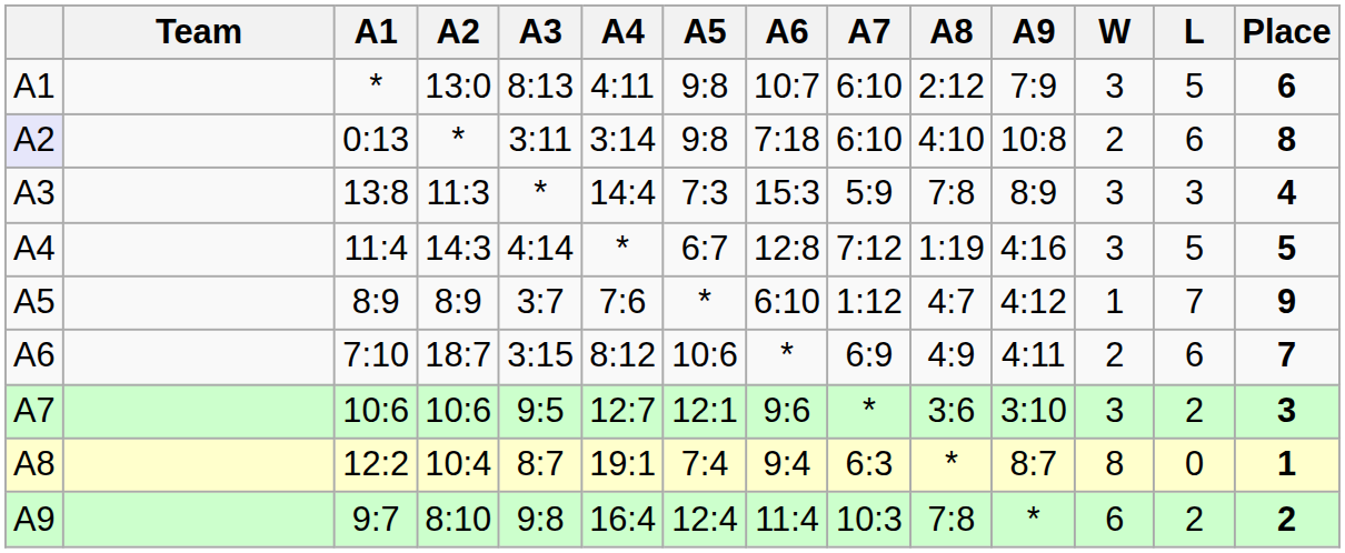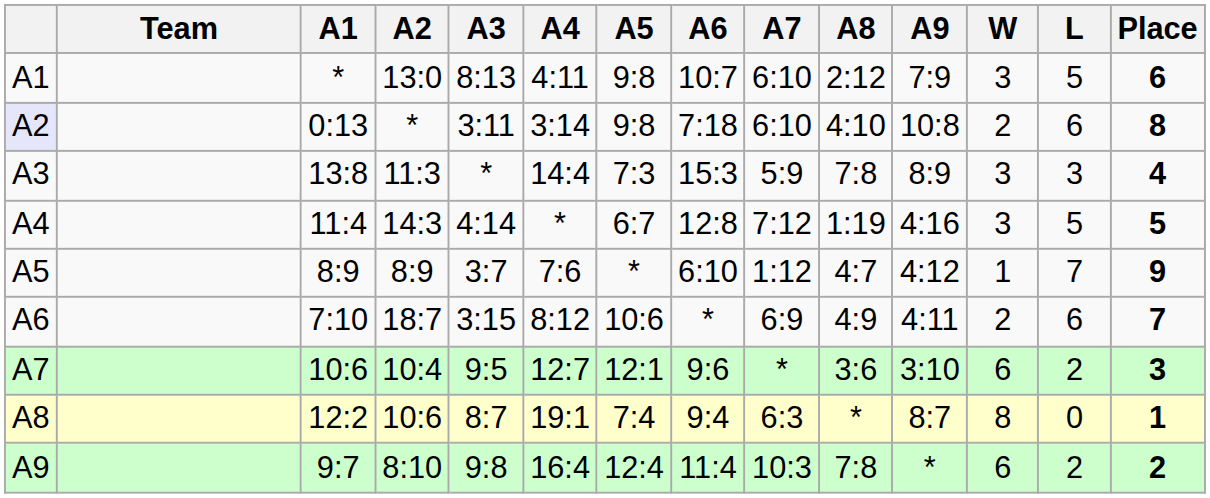 <table class="wikitable" style="text-align:center;">
 <tr>
 <th></th>
 <th width="120">Team</th>
 <th width="25">A1</th>
 <th width="25">A2</th>
 <th width="25">A3</th>
 <th width="25">A4</th>
 <th width="25">A5</th>
 <th width="25">A6</th>
 <th width="25">A7</th>
 <th width="25">A8</th>
 <th width="25">A9</th>
 <th width="30">W</th>
 <th width="30">L</th>
 <th>Place</th>
 </tr>
 <tr>
 <td>A1</td>
 <td align="left"></td>
 <td>*</td>
 <td>13:0</td>
 <td>8:13</td>
 <td>4:11</td>
 <td>9:8</td>
 <td>10:7</td>
 <td>6:10</td>
 <td>2:12</td>
 <td>7:9</td>
 <td>3</td>
 <td>5</td>
 <td><strong>6</strong></td>
 </tr>
 <tr>
 <td style="background: lavender;">A2</td>
 <td align="left"></td>
 <td>0:13</td>
 <td>*</td>
 <td>3:11</td>
 <td>3:14</td>
 <td>9:8</td>
 <td>7:18</td>
 <td>6:10</td>
 <td>4:10</td>
 <td>10:8</td>
 <td>2</td>
 <td>6</td>
 <td><strong>8</strong></td>
 </tr>
 <tr>
 <td>A3</td>
 <td align="left"></td>
 <td>13:8</td>
 <td>11:3</td>
 <td>*</td>
 <td>14:4</td>
 <td>7:3</td>
 <td>15:3</td>
 <td>5:9</td>
 <td>7:8</td>
 <td>8:9</td>
 <td>3</td>
 <td>3</td>
 <td><strong>4</strong></td>
 </tr>
 <tr>
 <td>A4</td>
 <td align="left"></td>
 <td>11:4</td>
 <td>14:3</td>
 <td>4:14</td>
 <td>*</td>
 <td>6:7</td>
 <td>12:8</td>
 <td>7:12</td>
 <td>1:19</td>
 <td>4:16</td>
 <td>3</td>
 <td>5</td>
 <td><strong>5</strong></td>
 </tr>
 <tr>
 <td>A5</td>
 <td align="left"></td>
 <td>8:9</td>
 <td>8:9</td>
 <td>3:7</td>
 <td>7:6</td>
 <td>*</td>
 <td>6:10</td>
 <td>1:12</td>
 <td>4:7</td>
 <td>4:12</td>
 <td>1</td>
 <td>7</td>
 <td><strong>9</strong></td>
 </tr>
 <tr>
 <td>A6</td>
 <td align="left"></td>
 <td>7:10</td>
 <td>18:7</td>
 <td>3:15</td>
 <td>8:12</td>
 <td>10:6</td>
 <td>*</td>
 <td>6:9</td>
 <td>4:9</td>
 <td>4:11</td>
 <td>2</td>
 <td>6</td>
 <td><strong>7</strong></td>
 </tr>
 <tr bgcolor="#ccffcc">
 <td>A7</td>
 <td align="left"></td>
 <td>10:6</td>
-<td>10:6</td>
+<td>10:4</td>
 <td>9:5</td>
 <td>12:7</td>
 <td>12:1</td>
 <td>9:6</td>
 <td>*</td>
 <td>3:6</td>
 <td>3:10</td>
-<td>3</td>
+<td>6</td>
 <td>2</td>
 <td><strong>3</strong></td>
 </tr>
 <tr bgcolor="#ffffcc">
 <td>A8</td>
 <td align="left"></td>
 <td>12:2</td>
-<td>10:4</td>
+<td>10:6</td>
 <td>8:7</td>
 <td>19:1</td>
 <td>7:4</td>
 <td>9:4</td>
 <td>6:3</td>
 <td>*</td>
 <td>8:7</td>
 <td>8</td>
 <td>0</td>
 <td><strong>1</strong></td>
 </tr>
 <tr bgcolor="#ccffcc">
 <td>A9</td>
 <td align="left"></td>
 <td>9:7</td>
 <td>8:10</td>
 <td>9:8</td>
 <td>16:4</td>
 <td>12:4</td>
 <td>11:4</td>
 <td>10:3</td>
 <td>7:8</td>
 <td>*</td>
 <td>6</td>
 <td>2</td>
 <td><strong>2</strong></td>
 </tr>
 </table>
